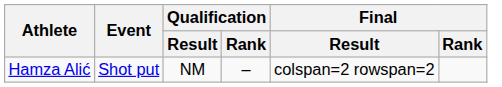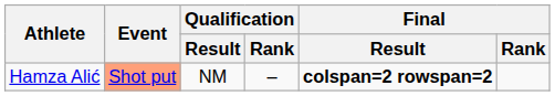 <table class="wikitable" border="1" style="font-size:90%">
 <tr>
 <th rowspan="2">Athlete</th>
 <th rowspan="2">Event</th>
 <th colspan="2">Qualification</th>
 <th colspan="2">Final</th>
 </tr>
 <tr>
 <th>Result</th>
 <th>Rank</th>
 <th>Result</th>
 <th>Rank</th>
 </tr>
 <tr>
 <td><a href='#'>Hamza Alić</a></td>
-<td><a href='#'>Shot put</a></td>
+<td style="background: lightsalmon;"><a href='#'>Shot put</a></td>
 <td align=center>NM</td>
 <td align=center>–</td>
-<td>colspan=2 rowspan=2 </td>
+<td><strong>colspan=2 rowspan=2 </strong></td>
 </tr>
 </table>
